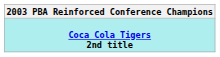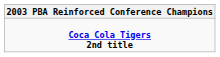 <table class=wikitable style="text-align:center; margin:auto">
 <tr>
 <th>2003 PBA Reinforced Conference Champions</th>
 </tr>
 <tr>
-<td style="background: paleturquoise;"><br> <strong><a href='#'>Coca Cola Tigers</a></strong> <br> <strong>2nd title</strong></td>
+<td><br> <strong><a href='#'>Coca Cola Tigers</a></strong> <br> <strong>2nd title</strong></td>
 </tr>
 </table>
